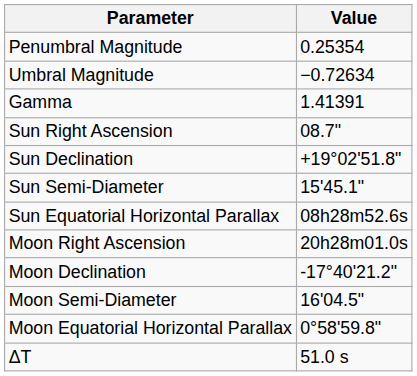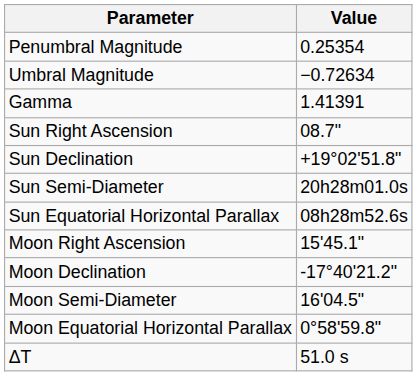 <table class="wikitable">
 <tr>
 <th>Parameter</th>
 <th>Value</th>
 </tr>
 <tr>
 <td>Penumbral Magnitude</td>
 <td>0.25354</td>
 </tr>
 <tr>
 <td>Umbral Magnitude</td>
 <td>−0.72634</td>
 </tr>
 <tr>
 <td>Gamma</td>
 <td>1.41391</td>
 </tr>
 <tr>
 <td>Sun Right Ascension</td>
 <td>08.7"</td>
 </tr>
 <tr>
 <td>Sun Declination</td>
 <td>+19°02'51.8"</td>
 </tr>
 <tr>
 <td>Sun Semi-Diameter</td>
-<td>15'45.1"</td>
+<td>20h28m01.0s</td>
 </tr>
 <tr>
 <td>Sun Equatorial Horizontal Parallax</td>
 <td>08h28m52.6s</td>
 </tr>
 <tr>
 <td>Moon Right Ascension</td>
-<td>20h28m01.0s</td>
+<td>15'45.1"</td>
 </tr>
 <tr>
 <td>Moon Declination</td>
 <td>-17°40'21.2"</td>
 </tr>
 <tr>
 <td>Moon Semi-Diameter</td>
 <td>16'04.5"</td>
 </tr>
 <tr>
 <td>Moon Equatorial Horizontal Parallax</td>
 <td>0°58'59.8"</td>
 </tr>
 <tr>
 <td>ΔT</td>
 <td>51.0 s</td>
 </tr>
 </table>
